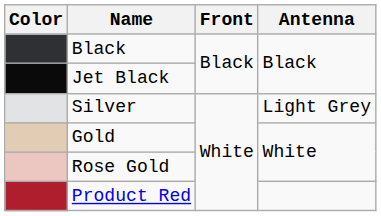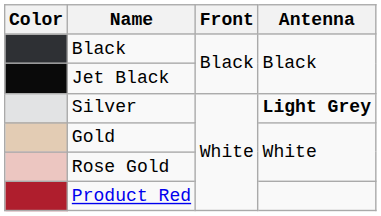 <table class="wikitable" style="float:left;">
 <tr>
 <th>Color</th>
 <th>Name</th>
 <th>Front</th>
 <th>Antenna</th>
 </tr>
 <tr>
 <td bgcolor="#2E3034"></td>
 <td>Black</td>
 <td rowspan="2">Black</td>
 <td rowspan="2">Black</td>
 </tr>
 <tr>
 <td bgcolor="#0A0A0A"></td>
 <td>Jet Black</td>
 </tr>
 <tr>
 <td bgcolor="#E2E3E4"></td>
 <td>Silver</td>
 <td rowspan="4">White</td>
-<td>Light Grey</td>
+<td><strong>Light Grey</strong></td>
 </tr>
 <tr>
 <td bgcolor="#E3CCB4"></td>
 <td>Gold</td>
 <td rowspan="2">White</td>
 </tr>
 <tr>
 <td bgcolor="#ECC6C1"></td>
 <td>Rose Gold</td>
 </tr>
 <tr>
 <td bgcolor="#AF1E2D"></td>
 <td><a href='#'>Product Red</a></td>
 <td></td>
 </tr>
 </table>
